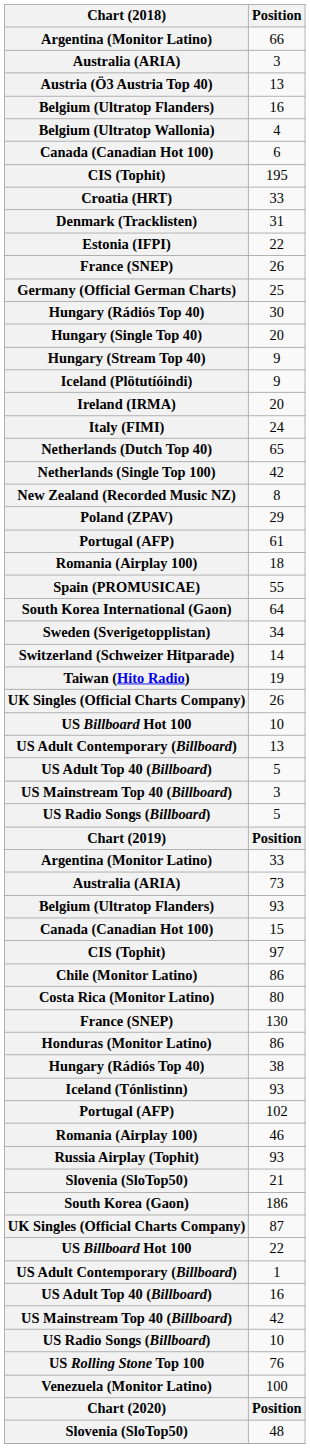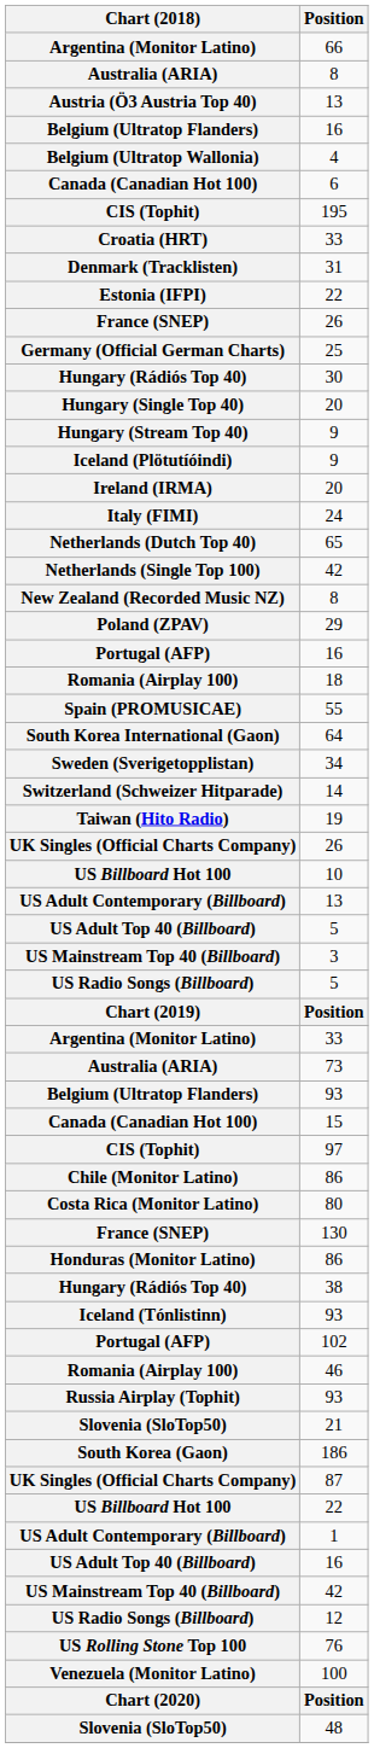 <table class="wikitable sortable plainrowheaders" style="text-align:center">
 <tr>
 <th scope="col">Chart (2018)</th>
 <th scope="col">Position</th>
 </tr>
 <tr>
 <th scope="row">Argentina (Monitor Latino)</th>
 <td>66</td>
 </tr>
 <tr>
 <th scope="row">Australia (ARIA)</th>
-<td>3</td>
+<td>8</td>
 </tr>
 <tr>
 <th scope="row">Austria (Ö3 Austria Top 40)</th>
 <td>13</td>
 </tr>
 <tr>
 <th scope="row">Belgium (Ultratop Flanders)</th>
 <td>16</td>
 </tr>
 <tr>
 <th scope="row">Belgium (Ultratop Wallonia)</th>
 <td>4</td>
 </tr>
 <tr>
 <th scope="row">Canada (Canadian Hot 100)</th>
 <td>6</td>
 </tr>
 <tr>
 <th scope="row">CIS (Tophit)</th>
 <td>195</td>
 </tr>
 <tr>
 <th scope="row">Croatia (HRT)</th>
 <td>33</td>
 </tr>
 <tr>
 <th scope="row">Denmark (Tracklisten)</th>
 <td>31</td>
 </tr>
 <tr>
 <th scope="row">Estonia (IFPI)</th>
 <td>22</td>
 </tr>
 <tr>
 <th scope="row">France (SNEP)</th>
 <td>26</td>
 </tr>
 <tr>
 <th scope="row">Germany (Official German Charts)</th>
 <td>25</td>
 </tr>
 <tr>
 <th scope="row">Hungary (Rádiós Top 40)</th>
 <td>30</td>
 </tr>
 <tr>
 <th scope="row">Hungary (Single Top 40)</th>
 <td>20</td>
 </tr>
 <tr>
 <th scope="row">Hungary (Stream Top 40)</th>
 <td>9</td>
 </tr>
 <tr>
 <th scope="row">Iceland (Plötutíóindi)</th>
 <td>9</td>
 </tr>
 <tr>
 <th scope="row">Ireland (IRMA)</th>
 <td>20</td>
 </tr>
 <tr>
 <th scope="row">Italy (FIMI)</th>
 <td>24</td>
 </tr>
 <tr>
 <th scope="row">Netherlands (Dutch Top 40)</th>
 <td>65</td>
 </tr>
 <tr>
 <th scope="row">Netherlands (Single Top 100)</th>
 <td>42</td>
 </tr>
 <tr>
 <th scope="row">New Zealand (Recorded Music NZ)</th>
 <td>8</td>
 </tr>
 <tr>
 <th scope="row">Poland (ZPAV)</th>
 <td>29</td>
 </tr>
 <tr>
 <th scope="row">Portugal (AFP)</th>
-<td>61</td>
+<td>16</td>
 </tr>
 <tr>
 <th scope="row">Romania (Airplay 100)</th>
 <td>18</td>
 </tr>
 <tr>
 <th scope="row">Spain (PROMUSICAE)</th>
 <td>55</td>
 </tr>
 <tr>
 <th scope="row">South Korea International (Gaon)</th>
 <td>64</td>
 </tr>
 <tr>
 <th scope="row">Sweden (Sverigetopplistan)</th>
 <td>34</td>
 </tr>
 <tr>
 <th scope="row">Switzerland (Schweizer Hitparade)</th>
 <td>14</td>
 </tr>
 <tr>
 <th scope="row">Taiwan (<a href='#'>Hito Radio</a>)</th>
 <td>19</td>
 </tr>
 <tr>
 <th scope="row">UK Singles (Official Charts Company)</th>
 <td>26</td>
 </tr>
 <tr>
 <th scope="row">US <em>Billboard</em> Hot 100</th>
 <td>10</td>
 </tr>
 <tr>
 <th scope="row">US Adult Contemporary (<em>Billboard</em>)</th>
 <td>13</td>
 </tr>
 <tr>
 <th scope="row">US Adult Top 40 (<em>Billboard</em>)</th>
 <td>5</td>
 </tr>
 <tr>
 <th scope="row">US Mainstream Top 40 (<em>Billboard</em>)</th>
 <td>3</td>
 </tr>
 <tr>
 <th scope="row">US Radio Songs (<em>Billboard</em>)</th>
 <td>5</td>
 </tr>
 <tr>
 <th scope="col">Chart (2019)</th>
 <th scope="col">Position</th>
 </tr>
 <tr>
 <th scope="row">Argentina (Monitor Latino)</th>
 <td>33</td>
 </tr>
 <tr>
 <th scope="row">Australia (ARIA)</th>
 <td>73</td>
 </tr>
 <tr>
 <th scope="row">Belgium (Ultratop Flanders)</th>
 <td>93</td>
 </tr>
 <tr>
 <th scope="row">Canada (Canadian Hot 100)</th>
 <td>15</td>
 </tr>
 <tr>
 <th scope="row">CIS (Tophit)</th>
 <td>97</td>
 </tr>
 <tr>
 <th scope="row">Chile (Monitor Latino)</th>
 <td>86</td>
 </tr>
 <tr>
 <th scope="row">Costa Rica (Monitor Latino)</th>
 <td>80</td>
 </tr>
 <tr>
 <th scope="row">France (SNEP)</th>
 <td>130</td>
 </tr>
 <tr>
 <th scope="row">Honduras (Monitor Latino)</th>
 <td>86</td>
 </tr>
 <tr>
 <th scope="row">Hungary (Rádiós Top 40)</th>
 <td>38</td>
 </tr>
 <tr>
 <th scope="row">Iceland (Tónlistinn)</th>
 <td>93</td>
 </tr>
 <tr>
 <th scope="row">Portugal (AFP)</th>
 <td>102</td>
 </tr>
 <tr>
 <th scope="row">Romania (Airplay 100)</th>
 <td>46</td>
 </tr>
 <tr>
 <th scope="row">Russia Airplay (Tophit)</th>
 <td>93</td>
 </tr>
 <tr>
 <th scope="row">Slovenia (SloTop50)</th>
 <td>21</td>
 </tr>
 <tr>
 <th scope="row">South Korea (Gaon)</th>
 <td>186</td>
 </tr>
 <tr>
 <th scope="row">UK Singles (Official Charts Company)</th>
 <td>87</td>
 </tr>
 <tr>
 <th scope="row">US <em>Billboard</em> Hot 100</th>
 <td>22</td>
 </tr>
 <tr>
 <th scope="row">US Adult Contemporary (<em>Billboard</em>)</th>
 <td>1</td>
 </tr>
 <tr>
 <th scope="row">US Adult Top 40 (<em>Billboard</em>)</th>
 <td>16</td>
 </tr>
 <tr>
 <th scope="row">US Mainstream Top 40 (<em>Billboard</em>)</th>
 <td>42</td>
 </tr>
 <tr>
 <th scope="row">US Radio Songs (<em>Billboard</em>)</th>
-<td>10</td>
+<td>12</td>
 </tr>
 <tr>
 <th scope="row">US <em>Rolling Stone</em> Top 100</th>
 <td>76</td>
 </tr>
 <tr>
 <th scope="row">Venezuela (Monitor Latino)</th>
 <td>100</td>
 </tr>
 <tr>
 <th scope="col">Chart (2020)</th>
 <th scope="col">Position</th>
 </tr>
 <tr>
 <th scope="row">Slovenia (SloTop50)</th>
 <td>48</td>
 </tr>
 <tr>
 </tr>
 </table>
